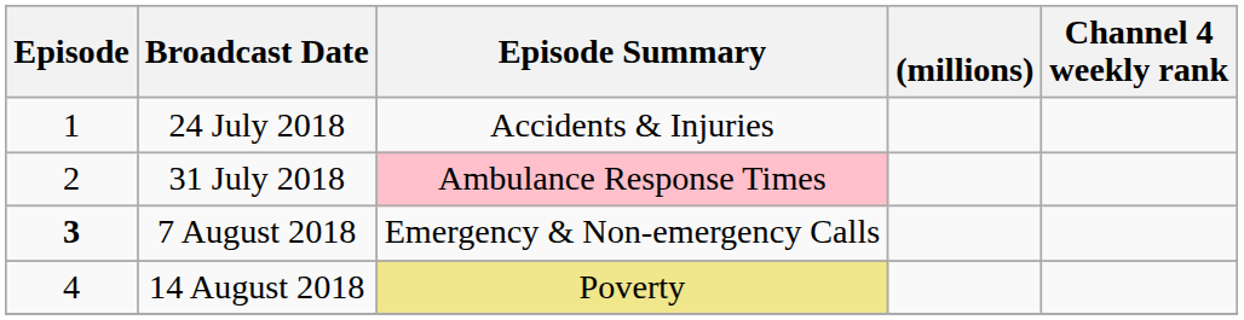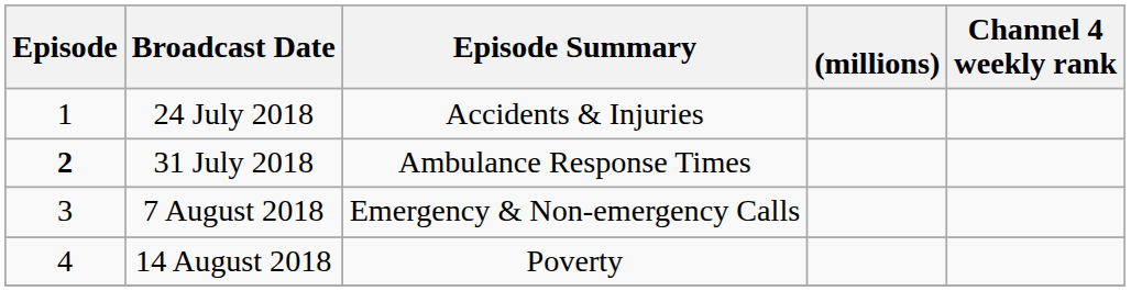 <table class=wikitable style="text-align:center">
 <tr>
 <th scope="col">Episode</th>
 <th scope="col">Broadcast Date</th>
 <th scope="col">Episode Summary</th>
 <th scope="col"><br>(millions)</th>
 <th scope="col">Channel 4<br>weekly rank</th>
 </tr>
 <tr>
 <td>1</td>
 <td>24 July 2018</td>
 <td>Accidents & Injuries</td>
 <td></td>
 <td></td>
 </tr>
 <tr>
-<td>2</td>
+<td><strong>2</strong></td>
 <td>31 July 2018</td>
-<td style="background: pink;">Ambulance Response Times</td>
+<td>Ambulance Response Times</td>
 <td></td>
 <td></td>
 </tr>
 <tr>
-<td><strong>3</strong></td>
+<td>3</td>
 <td>7 August 2018</td>
 <td>Emergency & Non-emergency Calls</td>
 <td></td>
 <td></td>
 </tr>
 <tr>
 <td>4</td>
 <td>14 August 2018</td>
-<td style="background: khaki;">Poverty</td>
+<td>Poverty</td>
 <td></td>
 <td></td>
 </tr>
 <tr>
 </tr>
 </table>
